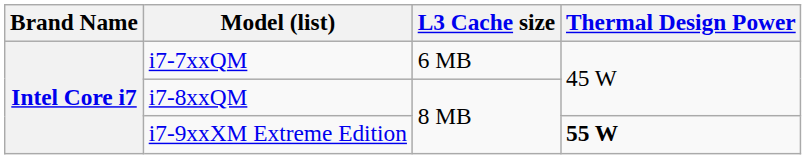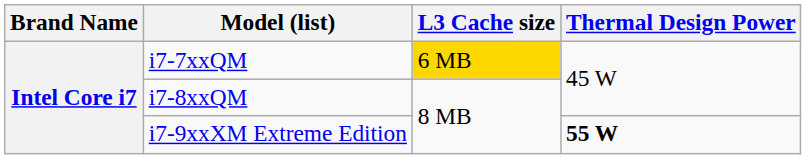 <table class="wikitable">
 <tr>
 <th>Brand Name</th>
 <th>Model (list)</th>
 <th><a href='#'>L3 Cache</a> size</th>
 <th><a href='#'>Thermal Design Power</a></th>
 </tr>
 <tr>
 <th rowspan=3><a href='#'>Intel Core i7</a></th>
 <td><a href='#'>i7-7xxQM</a></td>
-<td>6 MB</td>
+<td style="background: gold;">6 MB</td>
 <td rowspan=2>45 W</td>
 </tr>
 <tr>
 <td><a href='#'>i7-8xxQM</a></td>
 <td rowspan=2>8 MB</td>
 </tr>
 <tr>
 <td><a href='#'>i7-9xxXM Extreme Edition</a></td>
 <td><strong>55 W</strong></td>
 </tr>
 </table>
